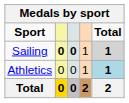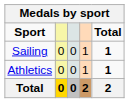 <table class="wikitable" style="font-size:85%; float:right;">
 <tr style="background:#efefef;">
 <th colspan=7><strong>Medals by sport</strong></th>
 </tr>
 <tr align=center>
 <td><strong>Sport</strong></td>
 <td bgcolor=#f7f6a8></td>
 <td bgcolor=#dce5e5></td>
 <td bgcolor=#ffdab9></td>
 <td><strong>Total</strong></td>
 </tr>
 <tr align=center>
 <td><a href='#'>Sailing</a></td>
-<td style="background:#F7F6A8;"><strong>0</strong></td>
-<td style="background:#DCE5E5;"><strong>0</strong></td>
+<td style="background:#F7F6A8;">0</td>
+<td style="background:#DCE5E5;">0</td>
 <td style="background:#FFDAB9;">1</td>
-<td style="background: lightgrey;"><strong>1</strong></td>
+<td><strong>1</strong></td>
 </tr>
 <tr align=center>
 <td><a href='#'>Athletics</a></td>
 <td style="background:#F7F6A8;">0</td>
 <td style="background:#DCE5E5;">0</td>
 <td style="background:#FFDAB9;">1</td>
-<td style="background: lightblue;"><strong>1</strong></td>
+<td><strong>1</strong></td>
 </tr>
 <tr align=center>
 <th><strong>Total</strong></th>
 <th style="background:gold;"><strong>0</strong></th>
 <th style="background:silver;"><strong>0</strong></th>
 <th style="background:#c96;"><strong>2</strong></th>
 <th><strong>2</strong></th>
 </tr>
 </table>
